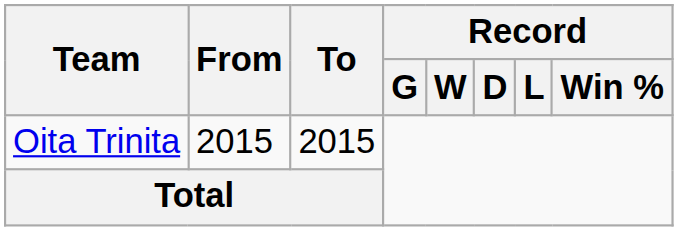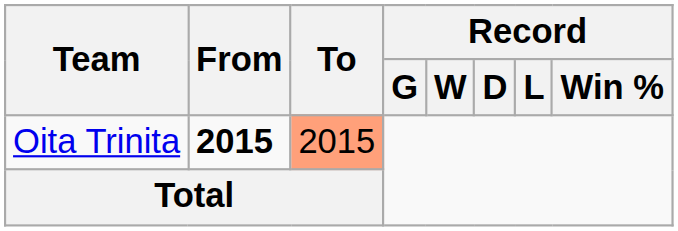 <table class="wikitable" style="text-align: center">
 <tr>
 <th rowspan="2">Team</th>
 <th rowspan="2">From</th>
 <th rowspan="2">To</th>
 <th colspan="5">Record</th>
 </tr>
 <tr>
 <th>G</th>
 <th>W</th>
 <th>D</th>
 <th>L</th>
 <th>Win %</th>
 </tr>
 <tr>
 <td align="left"><a href='#'>Oita Trinita</a></td>
-<td align="left">2015</td>
-<td align="left">2015<br></td>
+<td align="left"><strong>2015</strong></td>
+<td align="left" style="background: lightsalmon;">2015<br></td>
 </tr>
 <tr>
 <th colspan="3">Total<br></th>
 </tr>
 </table>
